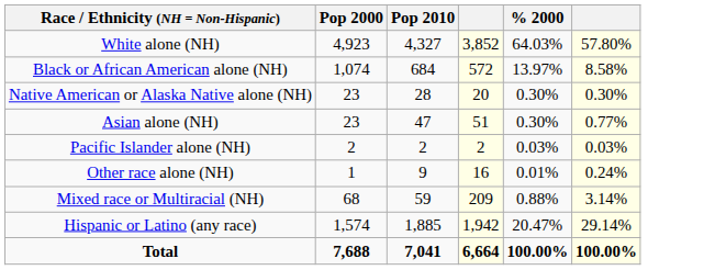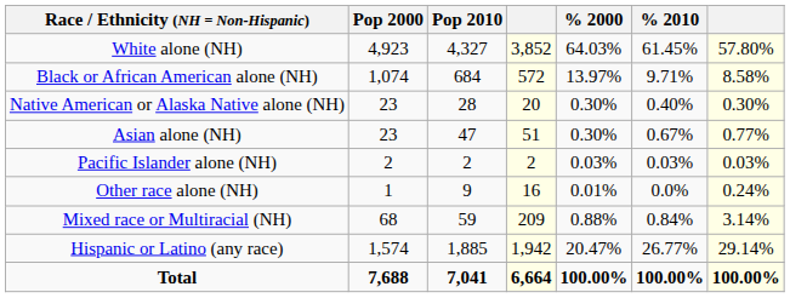 <table class="wikitable" style="text-align:center;">
 <tr>
 <th>Race / Ethnicity <small>(<em>NH = Non-Hispanic</em>)</small></th>
 <th>Pop 2000</th>
 <th>Pop 2010</th>
 <th></th>
 <th>% 2000</th>
+<th>% 2010</th>
 <th></th>
 </tr>
 <tr>
 <td><a href='#'>White</a> alone (NH)</td>
 <td>4,923</td>
 <td>4,327</td>
 <td style='background: #ffffe6;'>3,852</td>
 <td>64.03%</td>
+<td>61.45%</td>
 <td style='background: #ffffe6;'>57.80%</td>
 </tr>
 <tr>
 <td><a href='#'>Black or African American</a> alone (NH)</td>
 <td>1,074</td>
 <td>684</td>
 <td style='background: #ffffe6;'>572</td>
 <td>13.97%</td>
+<td>9.71%</td>
 <td style='background: #ffffe6;'>8.58%</td>
 </tr>
 <tr>
 <td><a href='#'>Native American</a> or <a href='#'>Alaska Native</a> alone (NH)</td>
 <td>23</td>
 <td>28</td>
 <td style='background: #ffffe6;'>20</td>
 <td>0.30%</td>
+<td>0.40%</td>
 <td style='background: #ffffe6;'>0.30%</td>
 </tr>
 <tr>
 <td><a href='#'>Asian</a> alone (NH)</td>
 <td>23</td>
 <td>47</td>
 <td style='background: #ffffe6;'>51</td>
 <td>0.30%</td>
+<td>0.67%</td>
 <td style='background: #ffffe6;'>0.77%</td>
 </tr>
 <tr>
 <td><a href='#'>Pacific Islander</a> alone (NH)</td>
 <td>2</td>
 <td>2</td>
 <td style='background: #ffffe6;'>2</td>
+<td>0.03%</td>
 <td>0.03%</td>
 <td style='background: #ffffe6;'>0.03%</td>
 </tr>
 <tr>
 <td><a href='#'>Other race</a> alone (NH)</td>
 <td>1</td>
 <td>9</td>
 <td style='background: #ffffe6;'>16</td>
 <td>0.01%</td>
+<td>0.0%</td>
 <td style='background: #ffffe6;'>0.24%</td>
 </tr>
 <tr>
 <td><a href='#'>Mixed race or Multiracial</a> (NH)</td>
 <td>68</td>
 <td>59</td>
 <td style='background: #ffffe6;'>209</td>
 <td>0.88%</td>
+<td>0.84%</td>
 <td style='background: #ffffe6;'>3.14%</td>
 </tr>
 <tr>
 <td><a href='#'>Hispanic or Latino</a> (any race)</td>
 <td>1,574</td>
 <td>1,885</td>
 <td style='background: #ffffe6;'>1,942</td>
 <td>20.47%</td>
+<td>26.77%</td>
 <td style='background: #ffffe6;'>29.14%</td>
 </tr>
 <tr>
 <td><strong>Total</strong></td>
 <td><strong>7,688</strong></td>
 <td><strong>7,041</strong></td>
 <td style='background: #ffffe6;'><strong>6,664</strong></td>
 <td><strong>100.00%</strong></td>
+<td><strong>100.00%</strong></td>
 <td style='background: #ffffe6;'><strong>100.00%</strong></td>
 </tr>
 </table>
